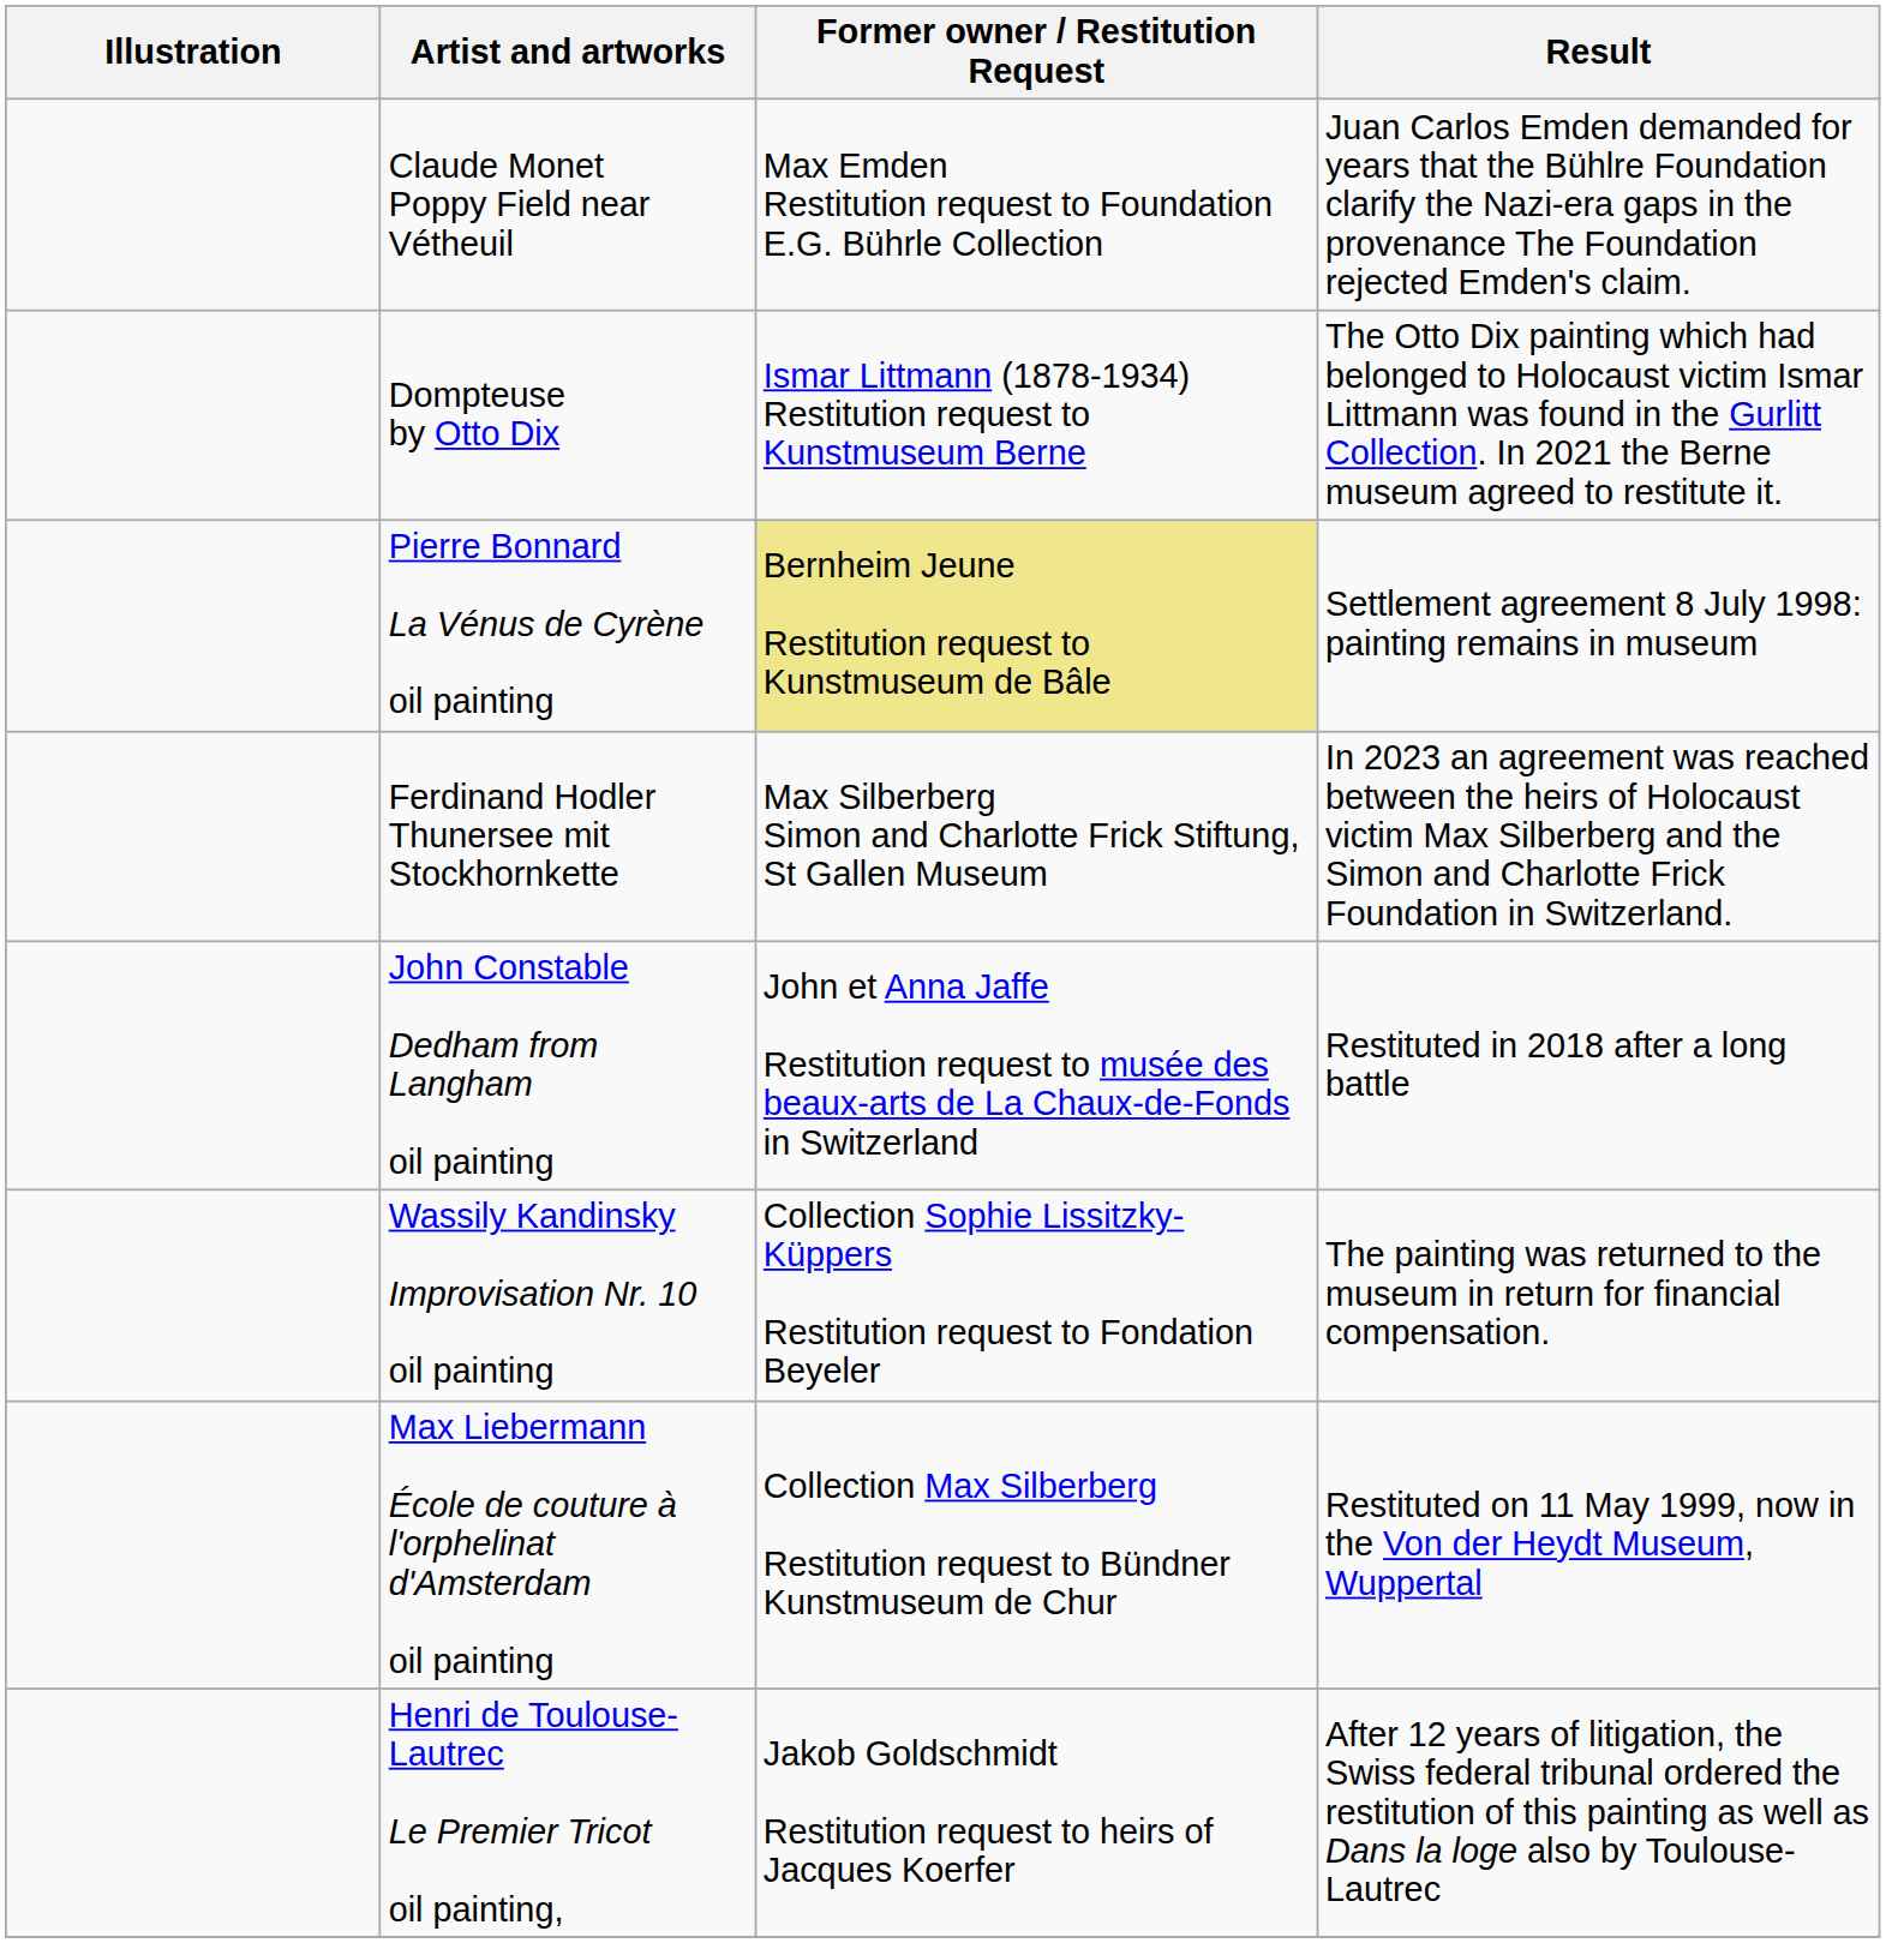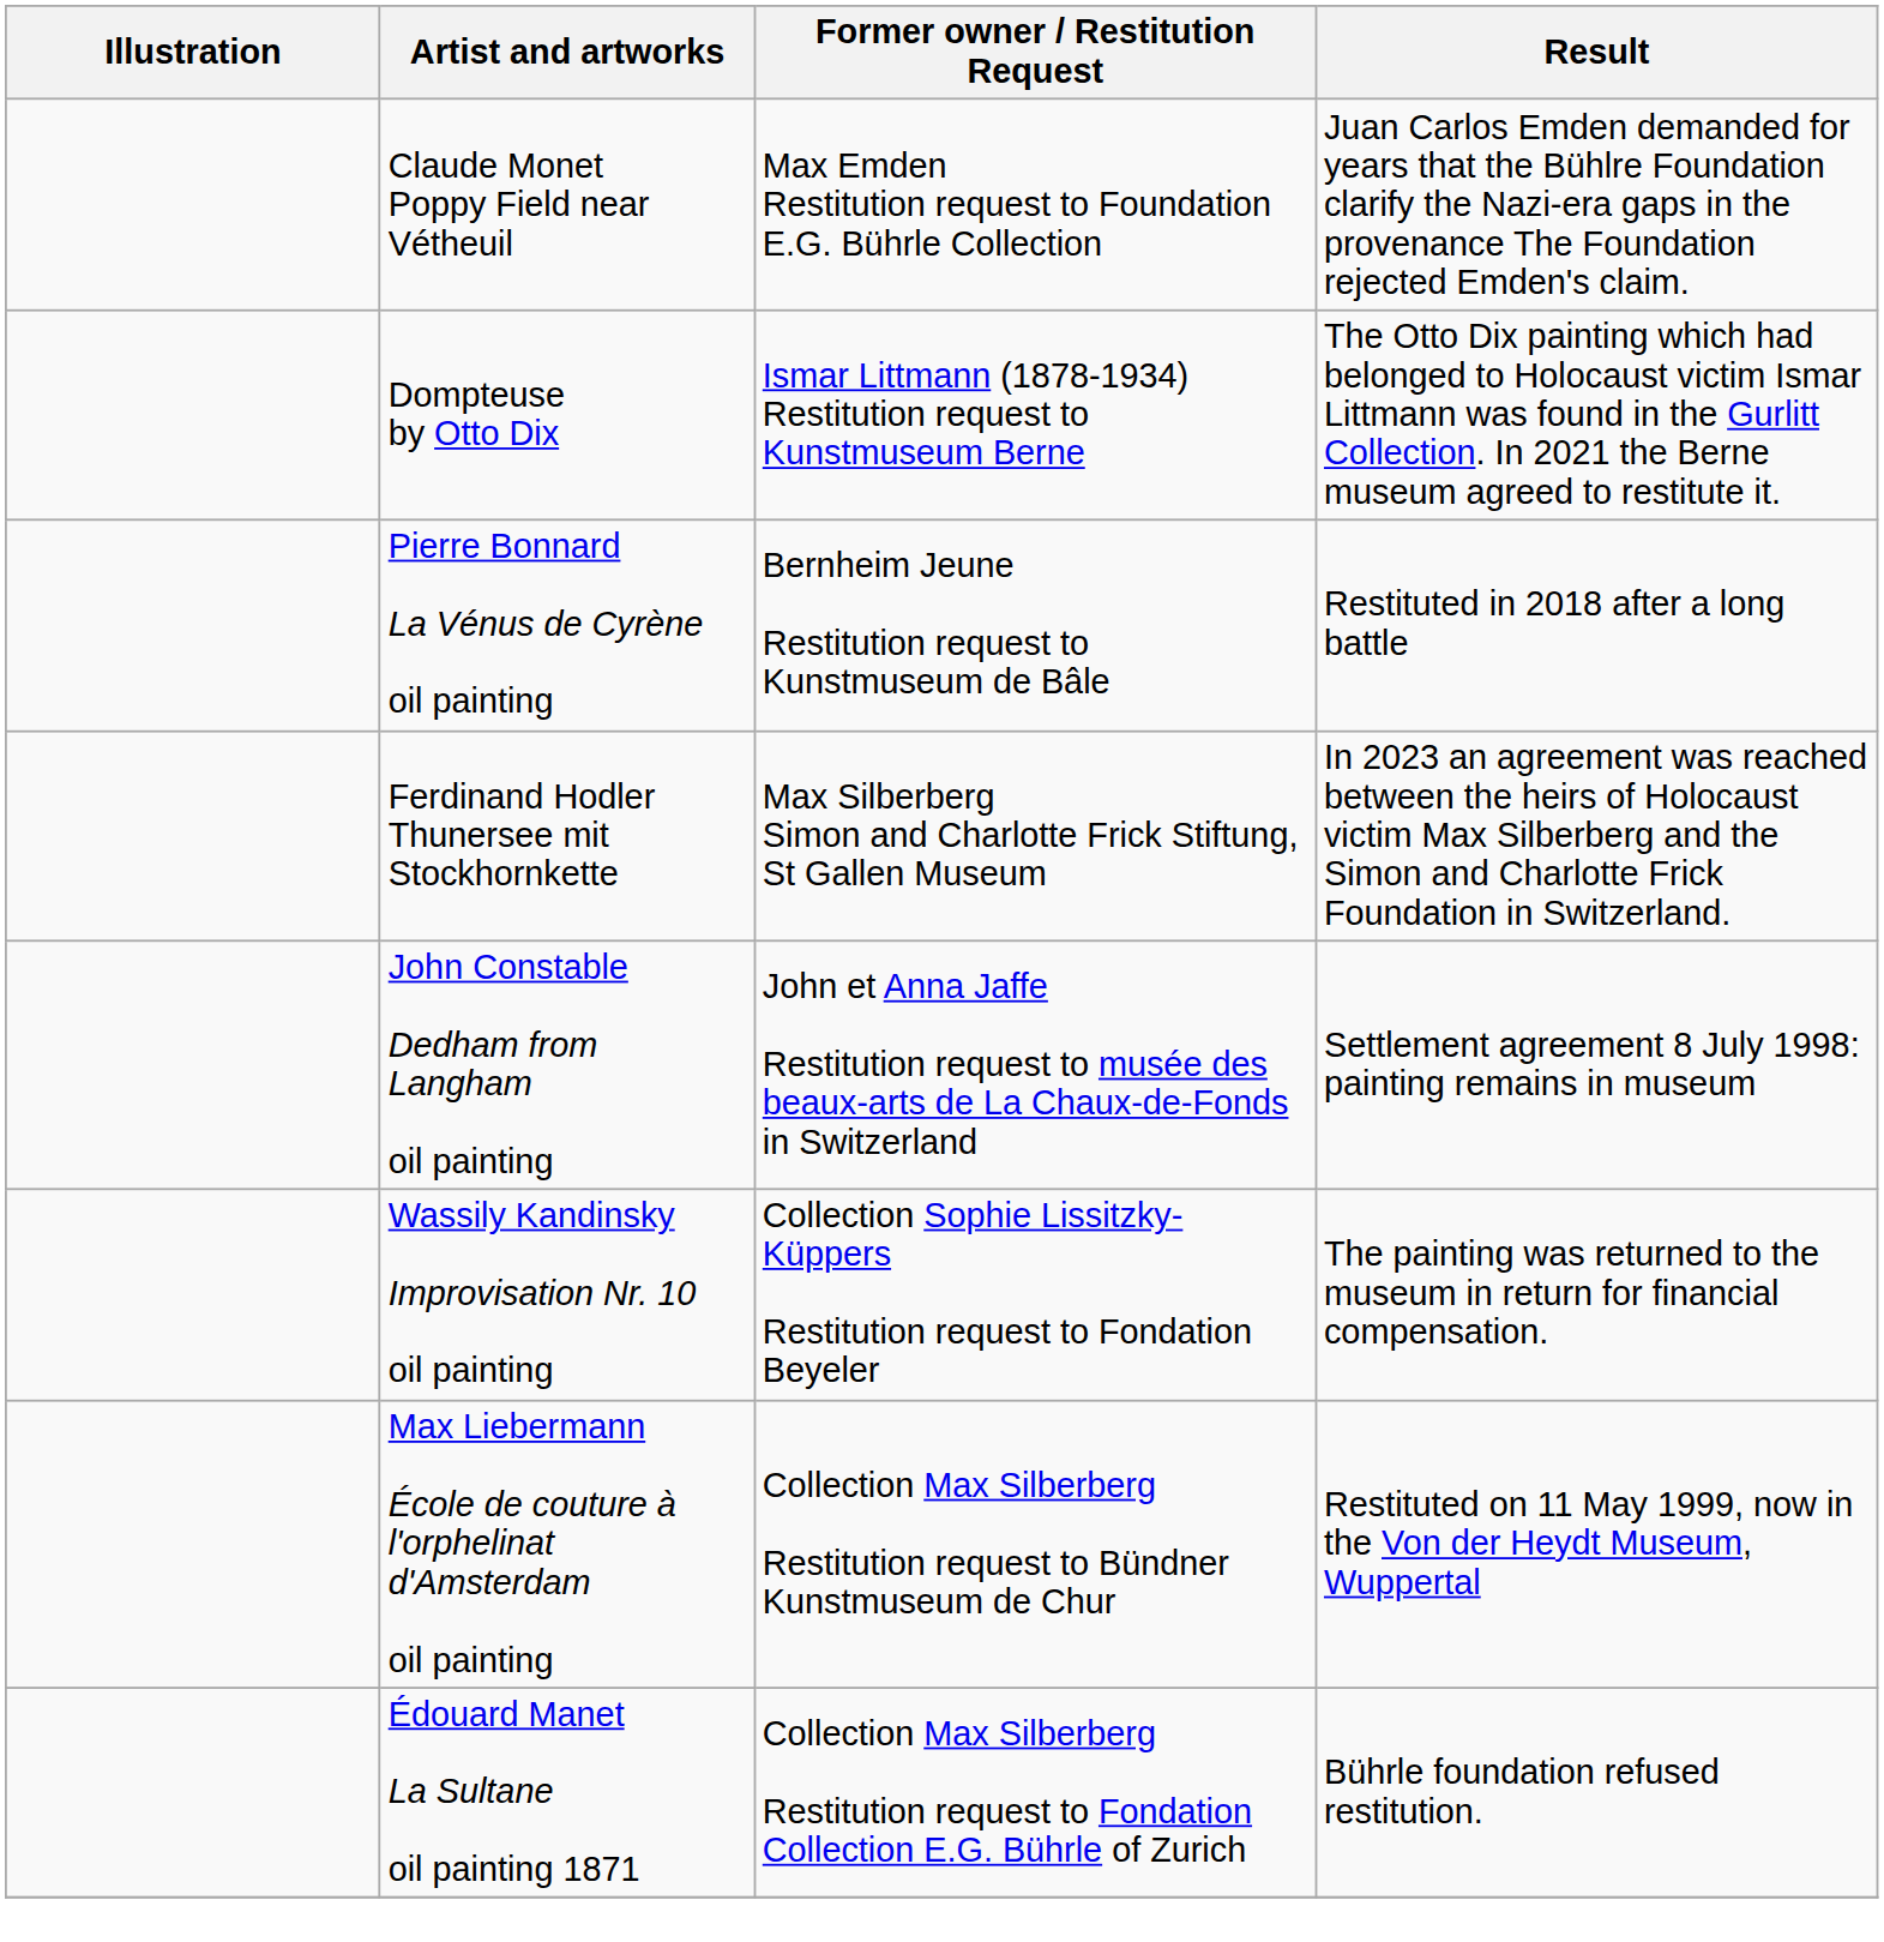 <table class="wikitable alternance centre">
 <tr>
 <th class="unsortable" width="20">Illustration</th>
 <th width="20%">Artist and artworks</th>
 <th width="30%">Former owner / Restitution Request</th>
 <th width="30%">Result</th>
 </tr>
 <tr>
 <td></td>
 <td>Claude Monet<br>Poppy Field near Vétheuil</td>
 <td>Max Emden<br>Restitution request to  Foundation E.G. Bührle Collection</td>
 <td>Juan Carlos Emden demanded for years that the Bühlre Foundation clarify the Nazi-era gaps in the provenance The Foundation rejected Emden's claim.</td>
 </tr>
 <tr>
 <td></td>
 <td>Dompteuse<br>by  <a href='#'>Otto Dix</a></td>
 <td><a href='#'>Ismar Littmann</a> (1878-1934)<br>Restitution request to  <a href='#'>Kunstmuseum Berne</a></td>
 <td>The Otto Dix painting which had belonged to Holocaust victim Ismar Littmann was found in the <a href='#'>Gurlitt Collection</a>. In 2021 the Berne museum agreed to restitute it.</td>
 </tr>
 <tr>
 <td></td>
 <td><a href='#'>Pierre Bonnard</a><br><br><em>La Vénus de Cyrène</em><br><br>oil painting</td>
-<td style="background: khaki;">Bernheim Jeune<br><br>Restitution request to Kunstmuseum de Bâle</td>
-<td>Settlement agreement 8 July 1998: painting remains in museum</td>
+<td>Bernheim Jeune<br><br>Restitution request to Kunstmuseum de Bâle</td>
+<td>Restituted in 2018 after a long battle</td>
 </tr>
 <tr>
 <td></td>
 <td>Ferdinand Hodler<br>Thunersee mit Stockhornkette</td>
 <td>Max Silberberg<br>Simon and Charlotte Frick Stiftung, St Gallen Museum</td>
 <td>In 2023 an agreement was reached between the heirs of Holocaust victim Max Silberberg and the Simon and Charlotte Frick Foundation in Switzerland.</td>
 </tr>
 <tr>
 <td></td>
 <td><a href='#'>John Constable</a><br><br><em>Dedham from Langham</em><br><br>oil painting</td>
 <td>John et <a href='#'>Anna Jaffe</a><br><br>Restitution request to <a href='#'>musée des beaux-arts de La Chaux-de-Fonds</a> in Switzerland</td>
-<td>Restituted in 2018 after a long battle</td>
+<td>Settlement agreement 8 July 1998: painting remains in museum</td>
 </tr>
 <tr>
 <td></td>
 <td><a href='#'>Wassily Kandinsky</a><br><br><em>Improvisation Nr. 10</em><br><br>oil painting</td>
 <td>Collection <a href='#'>Sophie Lissitzky-Küppers</a><br><br>Restitution request to Fondation Beyeler</td>
 <td>The painting was returned to the museum in return for financial compensation.</td>
 </tr>
 <tr>
 <td></td>
 <td><a href='#'>Max Liebermann</a><br><br><em>École de couture à l'orphelinat d'Amsterdam</em><br><br>oil painting</td>
 <td>Collection <a href='#'>Max Silberberg</a><br><br>Restitution request to Bündner Kunstmuseum de Chur</td>
 <td>Restituted on 11 May 1999, now in the <a href='#'>Von der Heydt Museum</a>, <a href='#'>Wuppertal</a></td>
 </tr>
 <tr>
 <td></td>
-<td><a href='#'>Henri de Toulouse-Lautrec</a><br><br><em>Le Premier Tricot</em><br><br>oil painting,</td>
-<td>Jakob Goldschmidt<br><br>Restitution request to heirs of Jacques Koerfer</td>
-<td>After 12 years of litigation, the Swiss federal tribunal ordered the restitution of this painting as well as <em>Dans la loge</em> also by Toulouse-Lautrec</td>
+<td><a href='#'>Édouard Manet</a><br><br><em>La Sultane</em><br><br>oil painting 1871</td>
+<td>Collection <a href='#'>Max Silberberg</a><br><br>Restitution request to <a href='#'>Fondation Collection E.G. Bührle</a> of Zurich</td>
+<td>Bührle foundation refused restitution.</td>
 </tr>
 <tr>
 </tr>
 </table>
